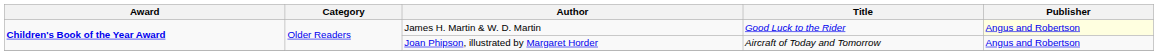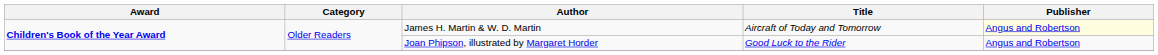 <table class="wikitable" width=95%>
 <tr>
 <th>Award</th>
 <th>Category</th>
 <th>Author</th>
 <th>Title</th>
 <th>Publisher</th>
 </tr>
 <tr>
 <td rowspan=2><strong><a href='#'>Children's Book of the Year Award</a></strong></td>
 <td rowspan=2><a href='#'>Older Readers</a></td>
 <td>James H. Martin & W. D. Martin</td>
-<td><em><a href='#'>Good Luck to the Rider</a></em></td>
+<td><em>Aircraft of Today and Tomorrow</em></td>
 <td style="background: lightyellow;"><a href='#'>Angus and Robertson</a></td>
 </tr>
 <tr>
 <td><a href='#'>Joan Phipson</a>, illustrated by <a href='#'>Margaret Horder</a></td>
-<td><em>Aircraft of Today and Tomorrow</em></td>
+<td><em><a href='#'>Good Luck to the Rider</a></em></td>
 <td><a href='#'>Angus and Robertson</a></td>
 </tr>
 <tr>
 </tr>
 </table>
